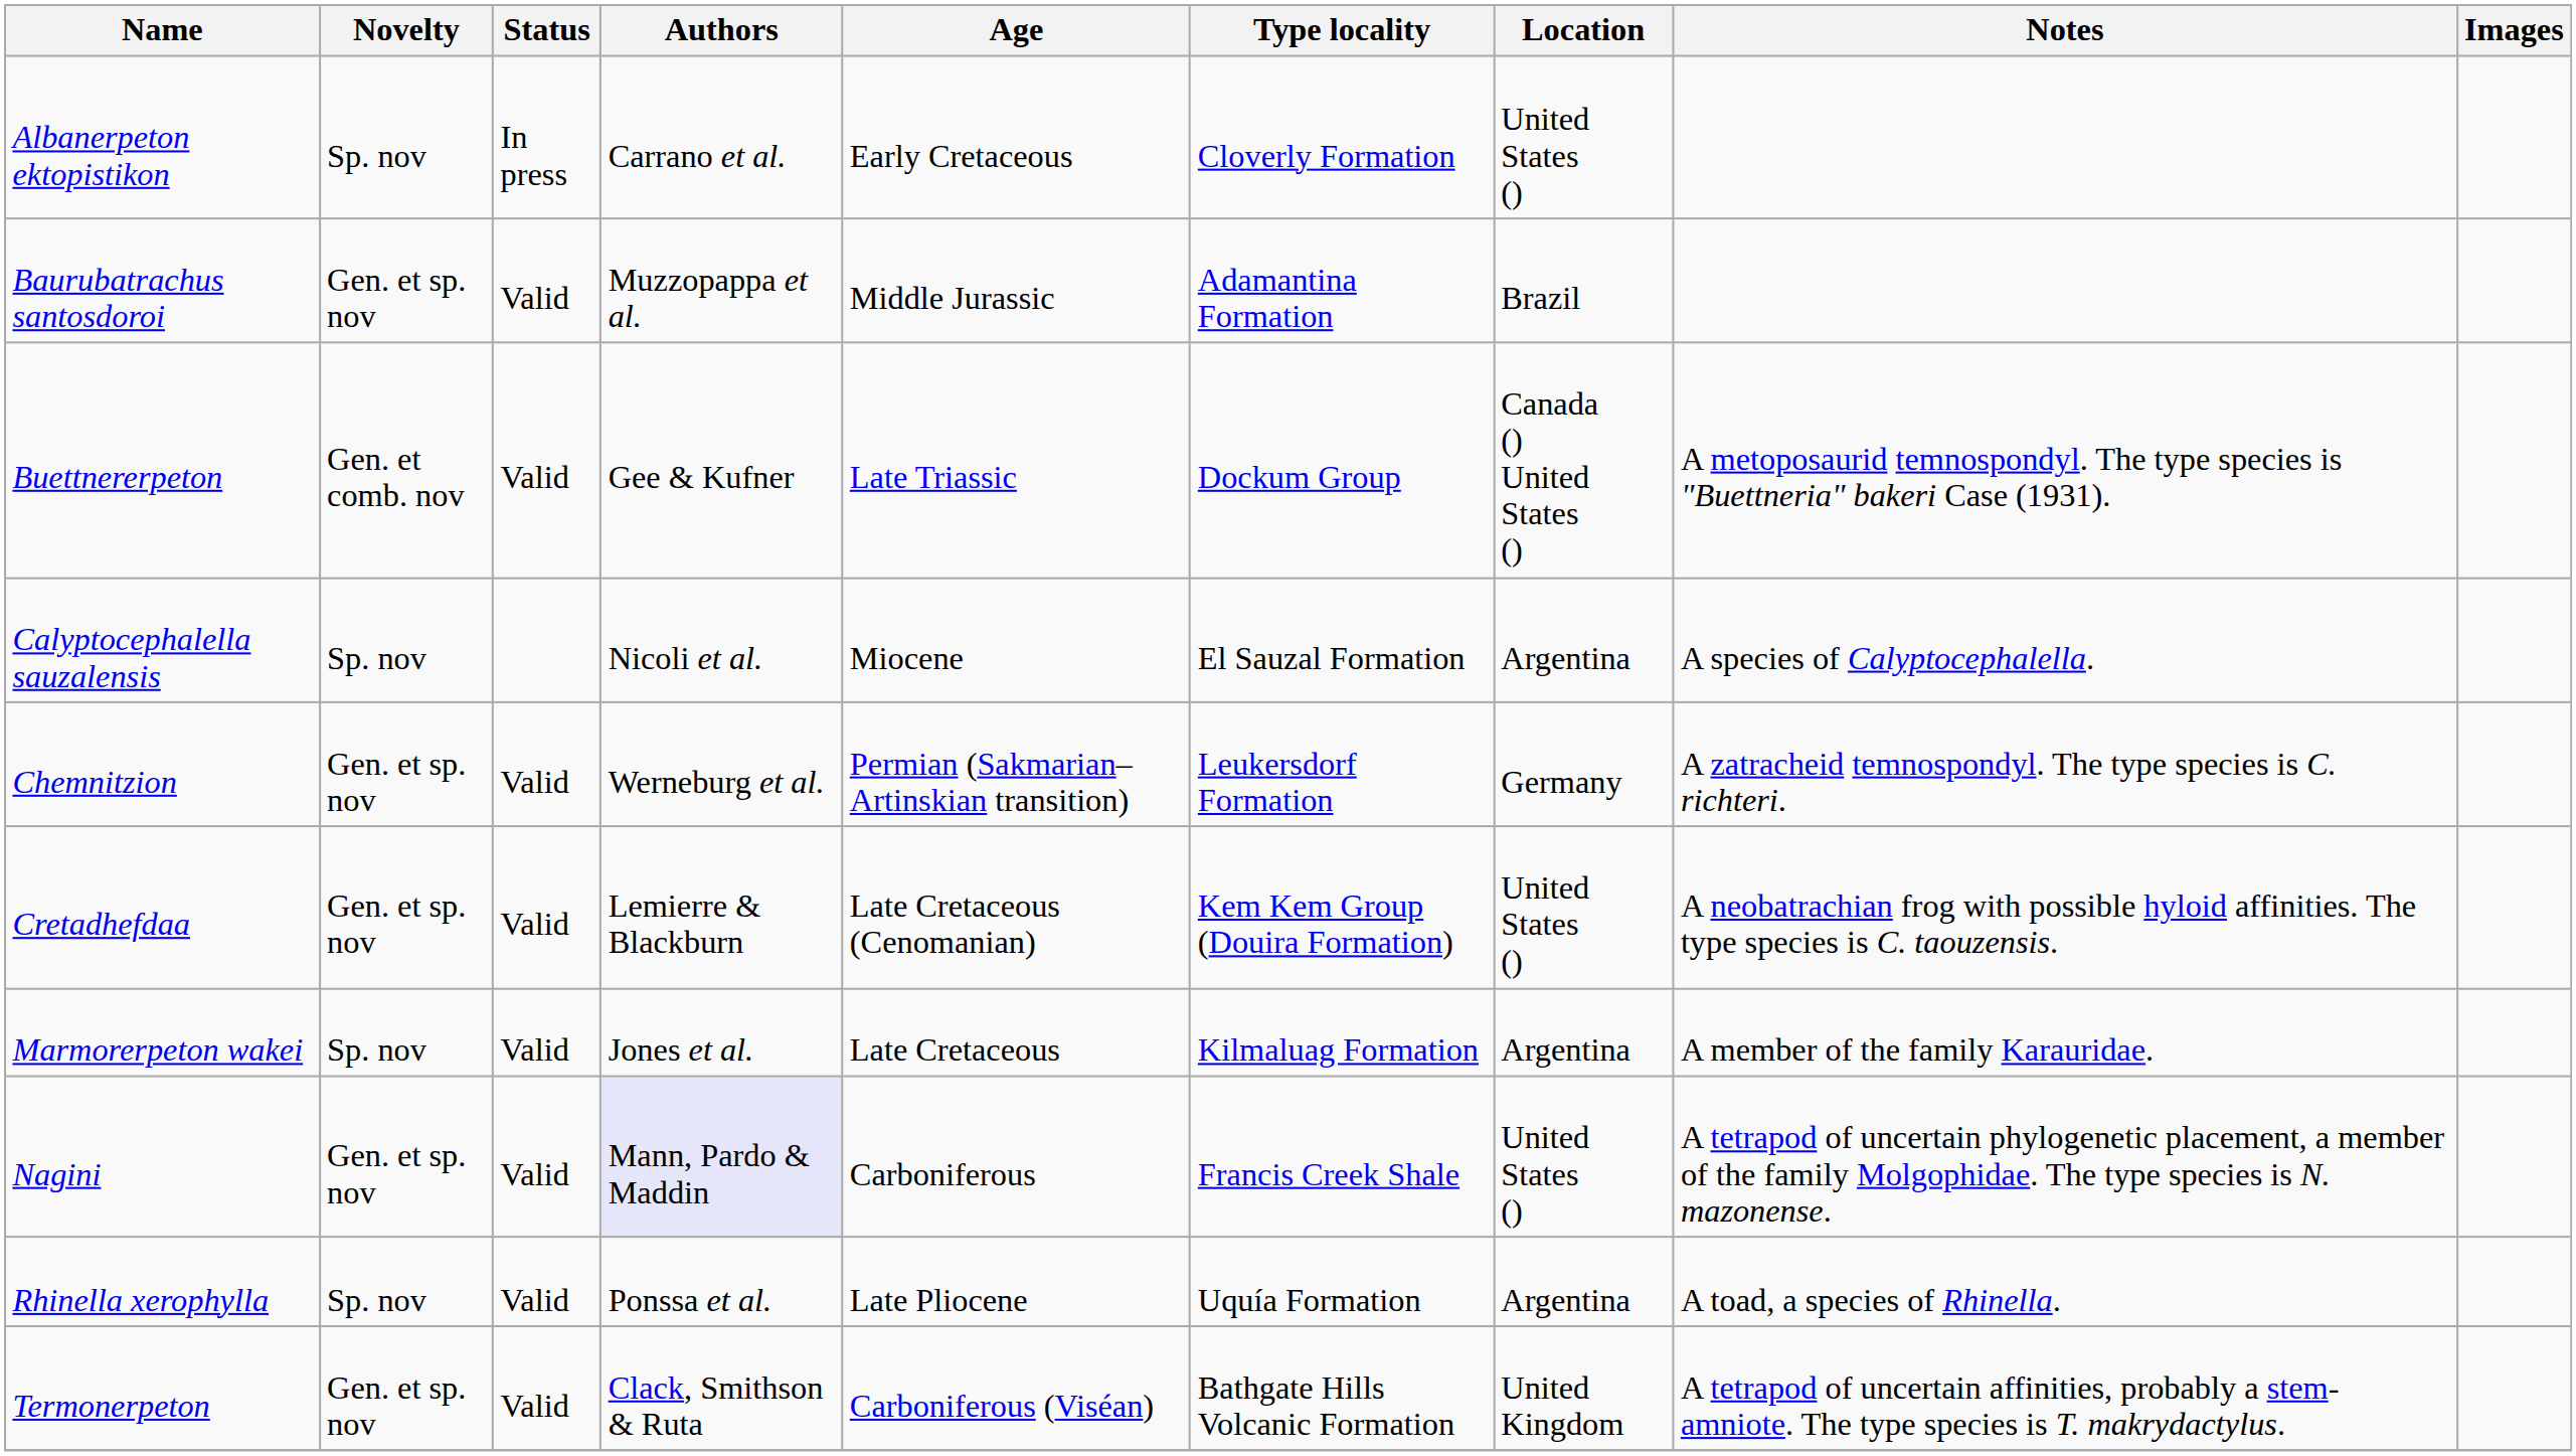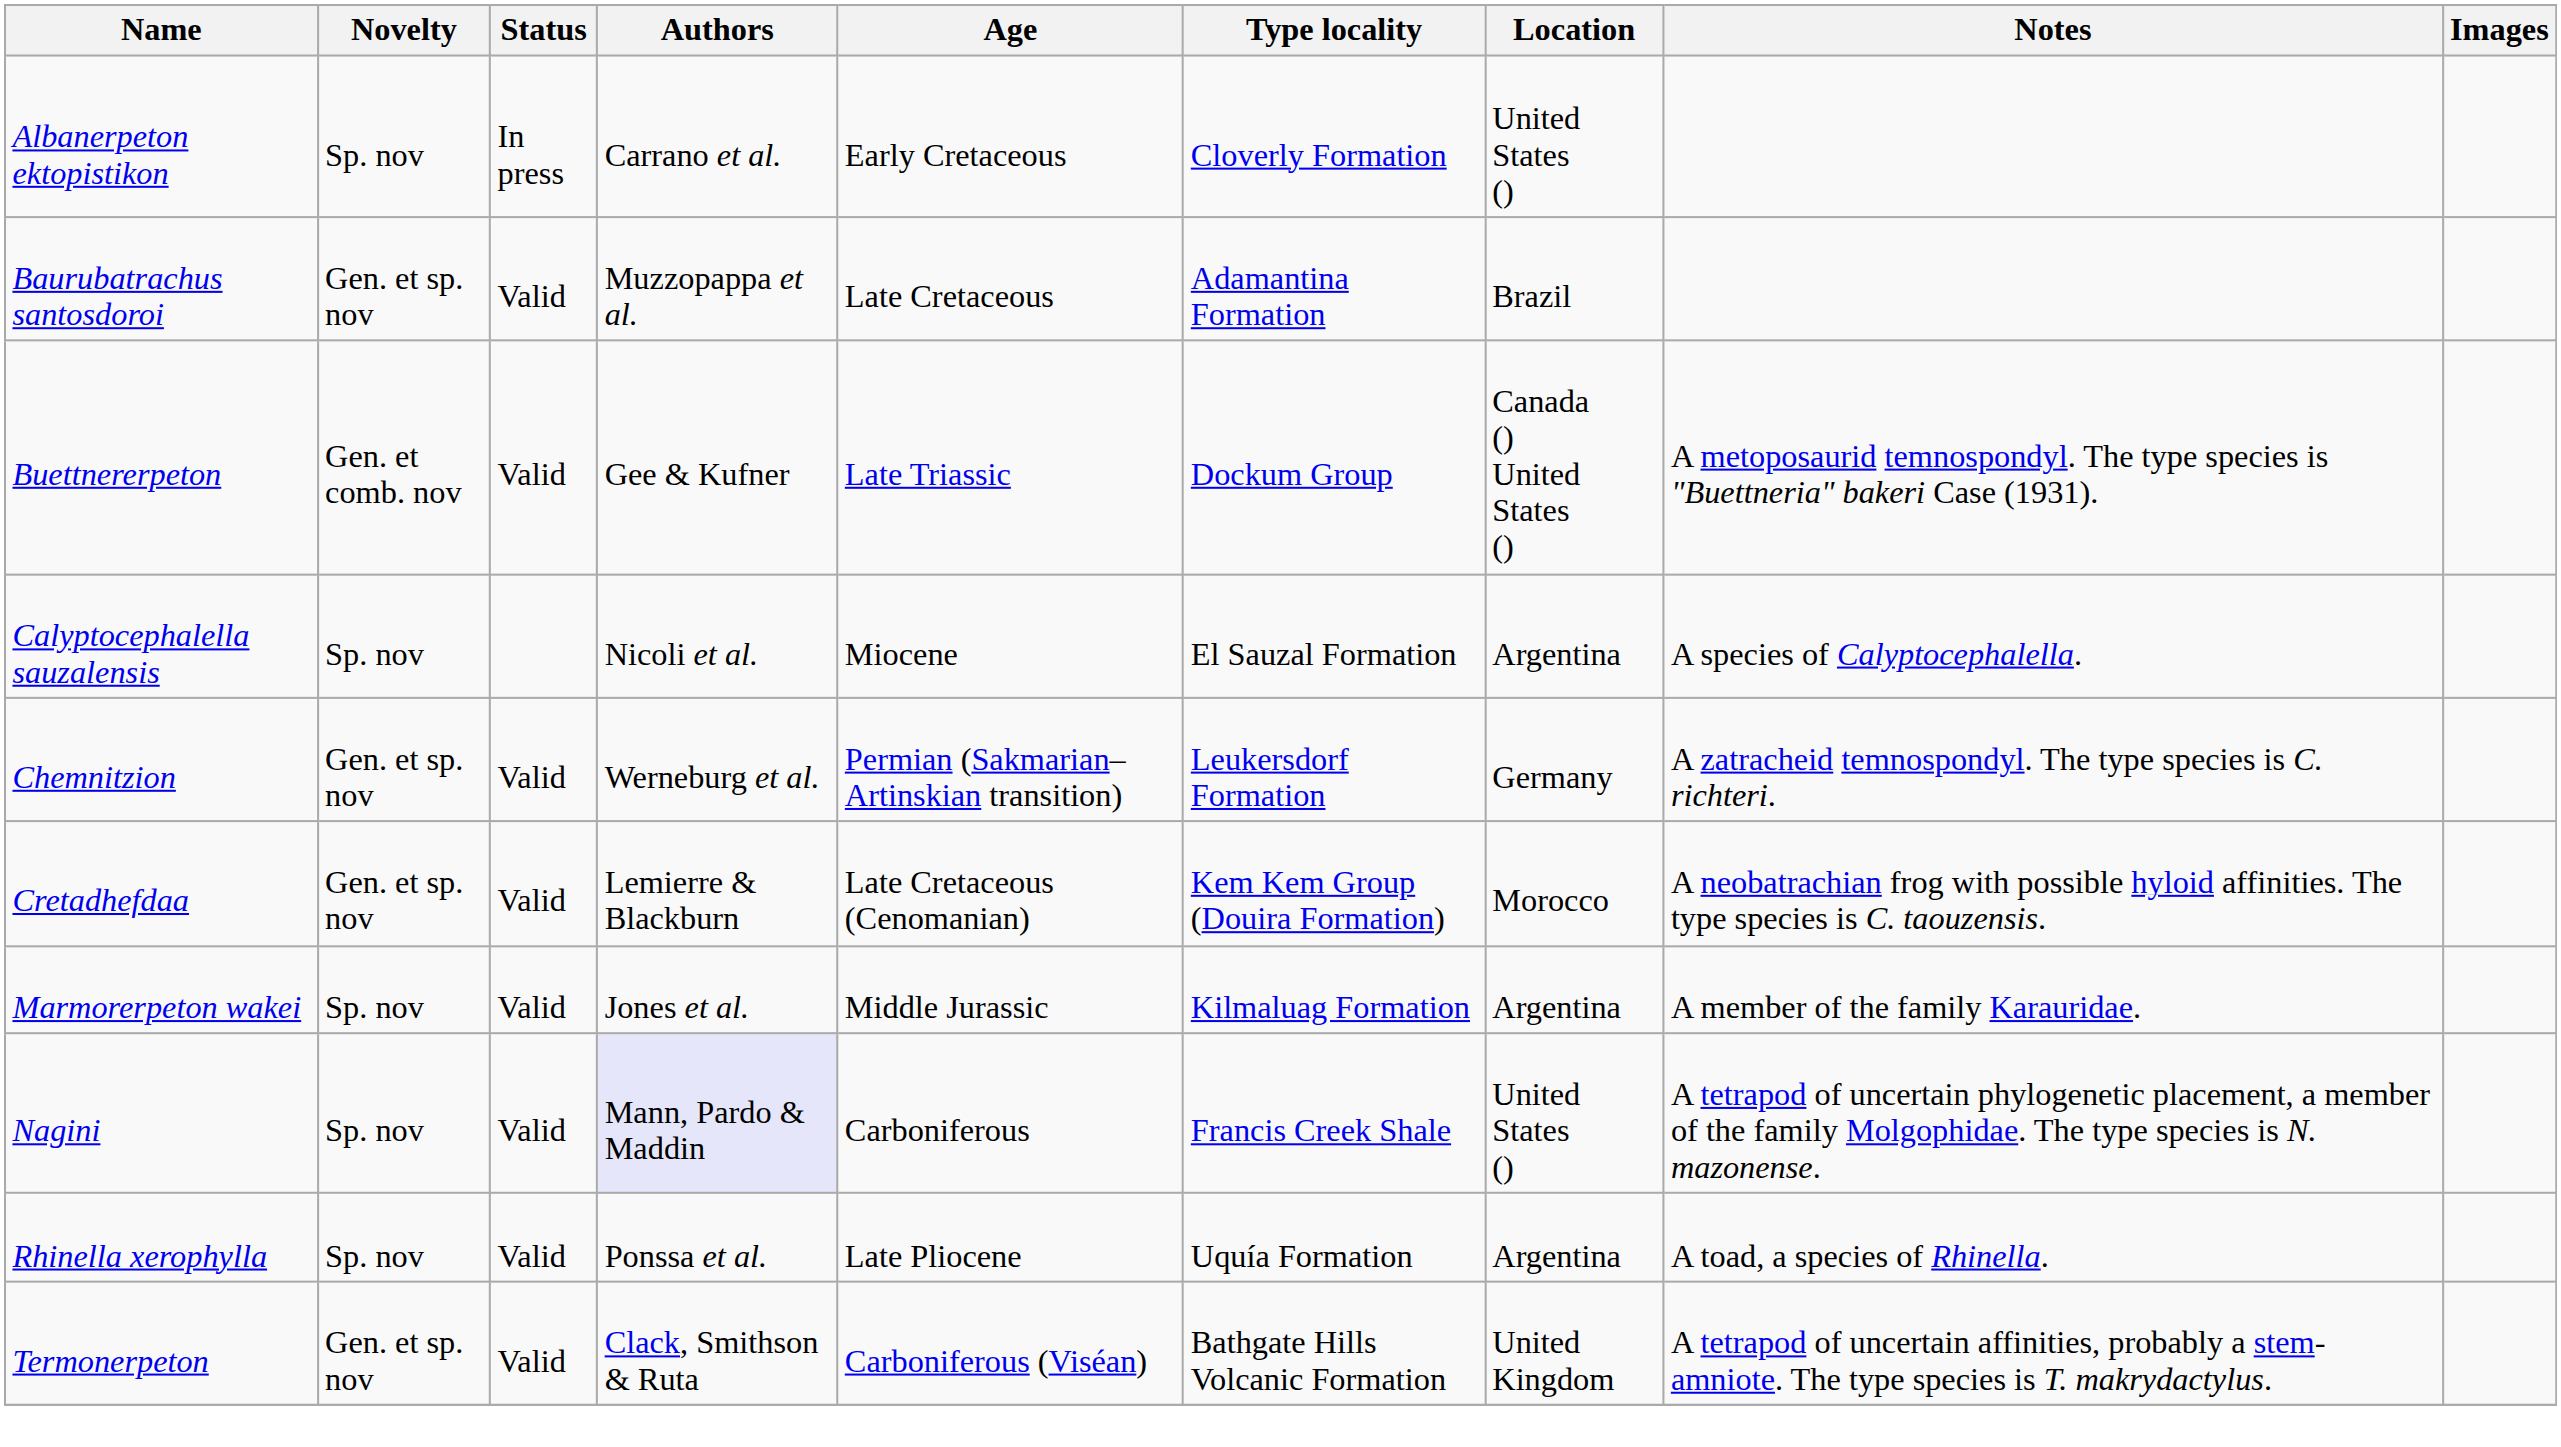 <table class="wikitable sortable" align="center" width="100%">
 <tr>
 <th>Name</th>
 <th>Novelty</th>
 <th>Status</th>
 <th>Authors</th>
 <th>Age</th>
 <th>Type locality</th>
 <th>Location</th>
 <th>Notes</th>
 <th>Images</th>
 </tr>
 <tr>
 <td><br><em><a href='#'>Albanerpeton ektopistikon</a></em></td>
 <td><br>Sp. nov</td>
 <td><br>In press</td>
 <td><br>Carrano <em>et al.</em></td>
 <td><br>Early Cretaceous</td>
 <td><br><a href='#'>Cloverly Formation</a></td>
 <td><br>United States<br>()</td>
 <td></td>
 <td></td>
 </tr>
 <tr>
 <td><br><em><a href='#'>Baurubatrachus santosdoroi</a></em></td>
 <td><br>Gen. et sp. nov</td>
 <td><br>Valid</td>
 <td><br>Muzzopappa <em>et al.</em></td>
-<td><br>Middle Jurassic</td>
+<td><br>Late Cretaceous</td>
 <td><br><a href='#'>Adamantina Formation</a></td>
 <td><br>Brazil</td>
 <td></td>
 <td></td>
 </tr>
 <tr>
 <td><br><em><a href='#'>Buettnererpeton</a></em></td>
 <td><br>Gen. et comb. nov</td>
 <td><br>Valid</td>
 <td><br>Gee & Kufner</td>
 <td><br><a href='#'>Late Triassic</a></td>
 <td><br><a href='#'>Dockum Group</a></td>
 <td><br>Canada<br>()<br> United States<br>()</td>
 <td><br>A <a href='#'>metoposaurid</a> <a href='#'>temnospondyl</a>. The type species is <em>"Buettneria" bakeri</em> Case (1931).</td>
 <td></td>
 </tr>
 <tr>
 <td><br><em><a href='#'>Calyptocephalella sauzalensis</a></em></td>
 <td><br>Sp. nov</td>
 <td></td>
 <td><br>Nicoli <em>et al.</em></td>
 <td><br>Miocene</td>
 <td><br>El Sauzal Formation</td>
 <td><br>Argentina</td>
 <td><br>A species of <em><a href='#'>Calyptocephalella</a></em>.</td>
 <td></td>
 </tr>
 <tr>
 <td><br><em><a href='#'>Chemnitzion</a></em></td>
 <td><br>Gen. et sp. nov</td>
 <td><br>Valid</td>
 <td><br>Werneburg <em>et al.</em></td>
 <td><br><a href='#'>Permian</a> (<a href='#'>Sakmarian</a>–<a href='#'>Artinskian</a> transition)</td>
 <td><br><a href='#'>Leukersdorf Formation</a></td>
 <td><br>Germany</td>
 <td><br>A <a href='#'>zatracheid</a> <a href='#'>temnospondyl</a>. The type species is <em>C. richteri</em>.</td>
 <td></td>
 </tr>
 <tr>
 <td><br><em><a href='#'>Cretadhefdaa</a></em></td>
 <td><br>Gen. et sp. nov</td>
 <td><br>Valid</td>
 <td><br>Lemierre & Blackburn</td>
 <td><br>Late Cretaceous (Cenomanian)</td>
 <td><br><a href='#'>Kem Kem Group</a> (<a href='#'>Douira Formation</a>)</td>
-<td><br>United States<br>()</td>
+<td><br>Morocco</td>
 <td><br>A <a href='#'>neobatrachian</a> frog with possible <a href='#'>hyloid</a> affinities. The type species is <em>C. taouzensis</em>.</td>
 <td></td>
 </tr>
 <tr>
 <td><br><em><a href='#'>Marmorerpeton wakei</a></em></td>
 <td><br>Sp. nov</td>
 <td><br>Valid</td>
 <td><br>Jones <em>et al.</em></td>
-<td><br>Late Cretaceous</td>
+<td><br>Middle Jurassic</td>
 <td><br><a href='#'>Kilmaluag Formation</a></td>
 <td><br>Argentina</td>
 <td><br>A member of the family <a href='#'>Karauridae</a>.</td>
 <td></td>
 </tr>
 <tr>
 <td><br><em><a href='#'>Nagini</a></em></td>
-<td><br>Gen. et sp. nov</td>
+<td><br>Sp. nov</td>
 <td><br>Valid</td>
 <td style="background: lavender;"><br>Mann, Pardo & Maddin</td>
 <td><br>Carboniferous</td>
 <td><br><a href='#'>Francis Creek Shale</a></td>
 <td><br>United States<br>()</td>
 <td><br>A <a href='#'>tetrapod</a> of uncertain phylogenetic placement, a member of the family <a href='#'>Molgophidae</a>. The type species is <em>N. mazonense</em>.</td>
 <td></td>
 </tr>
 <tr>
 <td><br><em><a href='#'>Rhinella xerophylla</a></em></td>
 <td><br>Sp. nov</td>
 <td><br>Valid</td>
 <td><br>Ponssa <em>et al.</em></td>
 <td><br>Late Pliocene</td>
 <td><br>Uquía Formation</td>
 <td><br>Argentina</td>
 <td><br>A toad, a species of <em><a href='#'>Rhinella</a></em>.</td>
 <td></td>
 </tr>
 <tr>
 <td><br><em><a href='#'>Termonerpeton</a></em></td>
 <td><br>Gen. et sp. nov</td>
 <td><br>Valid</td>
 <td><br><a href='#'>Clack</a>, Smithson & Ruta</td>
 <td><br><a href='#'>Carboniferous</a> (<a href='#'>Viséan</a>)</td>
 <td><br>Bathgate Hills Volcanic Formation</td>
 <td><br>United Kingdom</td>
 <td><br>A <a href='#'>tetrapod</a> of uncertain affinities, probably a <a href='#'>stem</a>-<a href='#'>amniote</a>. The type species is <em>T. makrydactylus</em>.</td>
 <td></td>
 </tr>
 <tr>
 </tr>
 </table>
